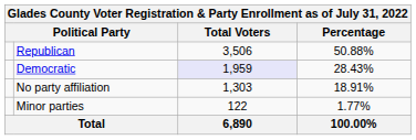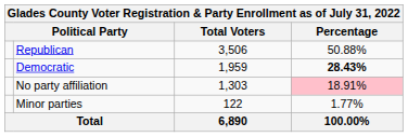 <table class=wikitable>
 <tr>
 <th colspan = 6>Glades County Voter Registration & Party Enrollment as of July 31, 2022</th>
 </tr>
 <tr>
 <th colspan = 2>Political Party</th>
 <th>Total Voters</th>
 <th>Percentage</th>
 </tr>
 <tr>
 <td></td>
 <td><a href='#'>Republican</a></td>
 <td align = center>3,506</td>
 <td align = center>50.88%</td>
 </tr>
 <tr>
 <td></td>
 <td><a href='#'>Democratic</a></td>
-<td align = center style="background: lavender;">1,959</td>
-<td align = center>28.43%</td>
+<td align = center>1,959</td>
+<td align = center><strong>28.43%</strong></td>
 </tr>
 <tr>
 <td></td>
 <td>No party affiliation</td>
 <td align = center>1,303</td>
-<td align = center>18.91%</td>
+<td align = center style="background: pink;">18.91%</td>
 </tr>
 <tr>
 <td></td>
 <td>Minor parties</td>
 <td align = center>122</td>
 <td align = center>1.77%</td>
 </tr>
 <tr>
 <th colspan = 2>Total</th>
 <th align = center>6,890</th>
 <th align = center>100.00%</th>
 </tr>
 </table>
